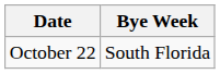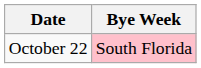 <table class="wikitable" style="font-size:95%;">
 <tr>
 <th>Date</th>
 <th colspan="3">Bye Week</th>
 </tr>
 <tr>
 <td>October 22</td>
-<td>South Florida</td>
+<td style="background: pink;">South Florida</td>
 </tr>
 </table>
